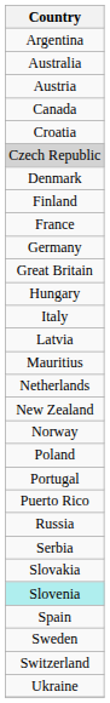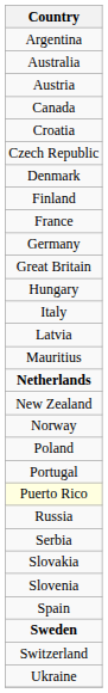 <table class="wikitable" style="text-align:center">
 <tr>
 <th>Country</th>
 </tr>
 <tr>
 <td>Argentina</td>
 </tr>
 <tr>
 <td>Australia</td>
 </tr>
 <tr>
 <td>Austria</td>
 </tr>
 <tr>
 <td>Canada</td>
 </tr>
 <tr>
 <td>Croatia</td>
 </tr>
 <tr>
-<td style="background: lightgrey;">Czech Republic</td>
+<td>Czech Republic</td>
 </tr>
 <tr>
 <td>Denmark</td>
 </tr>
 <tr>
 <td>Finland</td>
 </tr>
 <tr>
 <td>France</td>
 </tr>
 <tr>
 <td>Germany</td>
 </tr>
 <tr>
 <td>Great Britain</td>
 </tr>
 <tr>
 <td>Hungary</td>
 </tr>
 <tr>
 <td>Italy</td>
 </tr>
 <tr>
 <td>Latvia</td>
 </tr>
 <tr>
 <td>Mauritius</td>
 </tr>
 <tr>
-<td>Netherlands</td>
+<td><strong>Netherlands</strong></td>
 </tr>
 <tr>
 <td>New Zealand</td>
 </tr>
 <tr>
 <td>Norway</td>
 </tr>
 <tr>
 <td>Poland</td>
 </tr>
 <tr>
 <td>Portugal</td>
 </tr>
 <tr>
-<td>Puerto Rico</td>
+<td style="background: lightyellow;">Puerto Rico</td>
 </tr>
 <tr>
 <td>Russia</td>
 </tr>
 <tr>
 <td>Serbia</td>
 </tr>
 <tr>
 <td>Slovakia</td>
 </tr>
 <tr>
-<td style="background: paleturquoise;">Slovenia</td>
+<td>Slovenia</td>
 </tr>
 <tr>
 <td>Spain</td>
 </tr>
 <tr>
-<td>Sweden</td>
+<td><strong>Sweden</strong></td>
 </tr>
 <tr>
 <td>Switzerland</td>
 </tr>
 <tr>
 <td>Ukraine</td>
 </tr>
 <tr>
 </tr>
 </table>
